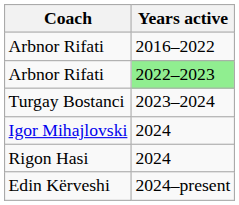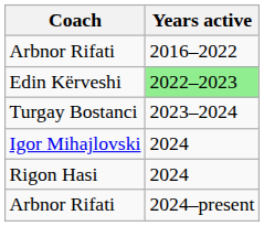 <table class="wikitable">
 <tr>
 <th>Coach</th>
 <th>Years active</th>
 </tr>
 <tr>
 <td> Arbnor Rifati</td>
 <td>2016–2022</td>
 </tr>
 <tr>
-<td> Arbnor Rifati</td>
+<td> Edin Kërveshi</td>
 <td style="background: lightgreen;">2022–2023</td>
 </tr>
 <tr>
 <td> Turgay Bostanci</td>
 <td>2023–2024</td>
 </tr>
 <tr>
 <td> <a href='#'>Igor Mihajlovski</a></td>
 <td>2024</td>
 </tr>
 <tr>
 <td> Rigon Hasi</td>
 <td>2024</td>
 </tr>
 <tr>
-<td> Edin Kërveshi</td>
+<td> Arbnor Rifati</td>
 <td>2024–present</td>
 </tr>
 </table>
